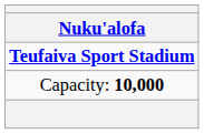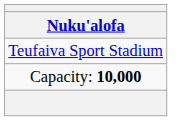 <table class="wikitable" style="text-align:center">
 <tr>
 <th></th>
 </tr>
 <tr>
 <th><a href='#'>Nuku'alofa</a></th>
 </tr>
 <tr>
-<td><strong><a href='#'>Teufaiva Sport Stadium</a></strong></td>
+<td><a href='#'>Teufaiva Sport Stadium</a></td>
 </tr>
 <tr>
 <td>Capacity: <strong>10,000</strong></td>
 </tr>
 <tr>
 <th rowspan="4"><br></th>
 </tr>
 </table>
